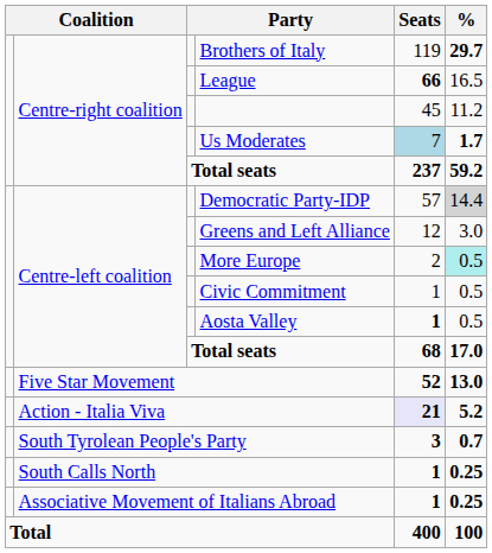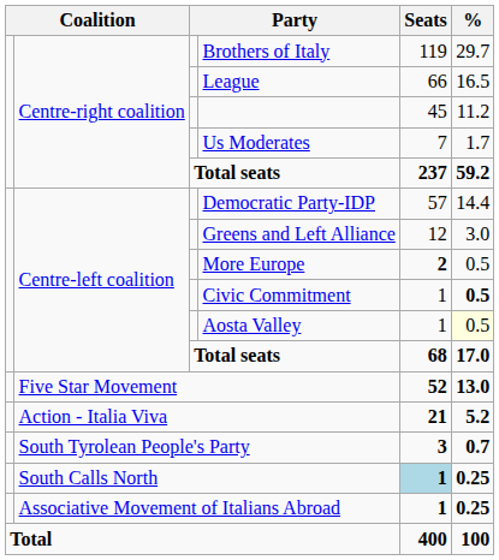 <table class="wikitable" style="text-align:right">
 <tr>
 <th colspan="2" rowspan="1">Coalition</th>
 <th colspan="2" rowspan="1">Party</th>
 <th style="text-align:center;">Seats</th>
 <th style="text-align:center;">%</th>
 </tr>
 <tr>
 <td rowspan="5"></td>
 <td rowspan="5" style="text-align:left;"><a href='#'>Centre-right coalition</a></td>
 <td></td>
 <td align="left"><a href='#'>Brothers of Italy</a></td>
 <td>119</td>
-<td><strong>29.7</strong></td>
+<td>29.7</td>
 </tr>
 <tr>
 <td></td>
 <td align="left"><a href='#'>League</a></td>
-<td><strong>66</strong></td>
+<td>66</td>
 <td>16.5</td>
 </tr>
 <tr>
 <td></td>
 <td align="left"></td>
 <td>45</td>
 <td>11.2</td>
 </tr>
 <tr>
 <td></td>
 <td align="left"><a href='#'>Us Moderates</a></td>
-<td style="background: lightblue;">7</td>
-<td><strong>1.7</strong></td>
+<td>7</td>
+<td>1.7</td>
 </tr>
 <tr>
 <td colspan="2" style="text-align:left;"><strong>Total seats</strong></td>
 <td><strong>237</strong></td>
 <td><strong>59.2</strong></td>
 </tr>
 <tr>
 <td rowspan="6"></td>
 <td rowspan="6" style="text-align:left;"><a href='#'>Centre-left coalition</a></td>
 <td></td>
 <td style="text-align:left;"><a href='#'>Democratic Party-IDP</a></td>
 <td>57</td>
-<td style="background: lightgrey;">14.4</td>
+<td>14.4</td>
 </tr>
 <tr>
 <td></td>
 <td style="text-align:left;"><a href='#'>Greens and Left Alliance</a></td>
 <td>12</td>
 <td>3.0</td>
 </tr>
 <tr>
 <td></td>
 <td style="text-align:left;"><a href='#'>More Europe</a></td>
-<td>2</td>
-<td style="background: paleturquoise;">0.5</td>
+<td><strong>2</strong></td>
+<td>0.5</td>
 </tr>
 <tr>
 <td></td>
 <td style="text-align:left;"><a href='#'>Civic Commitment</a></td>
 <td>1</td>
-<td>0.5</td>
+<td><strong>0.5</strong></td>
 </tr>
 <tr>
 <td></td>
 <td style="text-align:left;"><a href='#'>Aosta Valley</a></td>
-<td><strong>1</strong></td>
-<td>0.5</td>
+<td>1</td>
+<td style="background: lightyellow;">0.5</td>
 </tr>
 <tr>
 <td colspan="2" style="text-align:left;"><strong>Total seats</strong></td>
 <td><strong>68</strong></td>
 <td><strong>17.0</strong></td>
 </tr>
 <tr>
 <td style="background:"></td>
 <td colspan="3" style="text-align:left;"><a href='#'>Five Star Movement</a></td>
 <td><strong>52</strong></td>
 <td><strong>13.0</strong></td>
 </tr>
 <tr>
 <td style="background:"></td>
 <td colspan="3" style="text-align:left;"><a href='#'>Action - Italia Viva</a></td>
-<td style="background: lavender;"><strong>21</strong></td>
+<td><strong>21</strong></td>
 <td><strong>5.2</strong></td>
 </tr>
 <tr>
 <td style="background:"></td>
 <td colspan="3" style="text-align:left;"><a href='#'>South Tyrolean People's Party</a></td>
 <td><strong>3</strong></td>
 <td><strong>0.7</strong></td>
 </tr>
 <tr>
 <td></td>
 <td colspan="3" style="text-align:left;"><a href='#'>South Calls North</a></td>
-<td><strong>1</strong></td>
+<td style="background: lightblue;"><strong>1</strong></td>
 <td><strong>0.25</strong></td>
 </tr>
 <tr>
 <td></td>
 <td colspan="3" style="text-align:left;"><a href='#'>Associative Movement of Italians Abroad</a></td>
 <td><strong>1</strong></td>
 <td><strong>0.25</strong></td>
 </tr>
 <tr>
 <td colspan="4" style="text-align:left;"><strong>Total</strong></td>
 <td><strong>400</strong></td>
 <td><strong>100</strong></td>
 </tr>
 </table>
